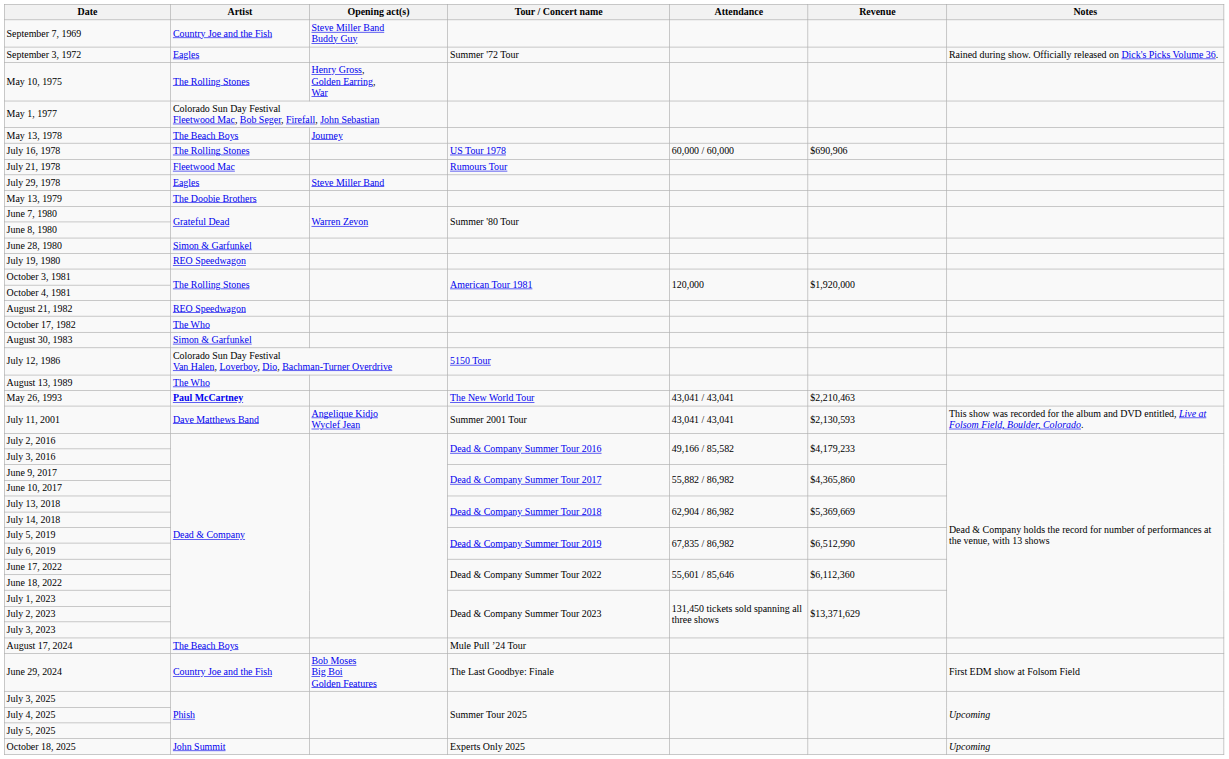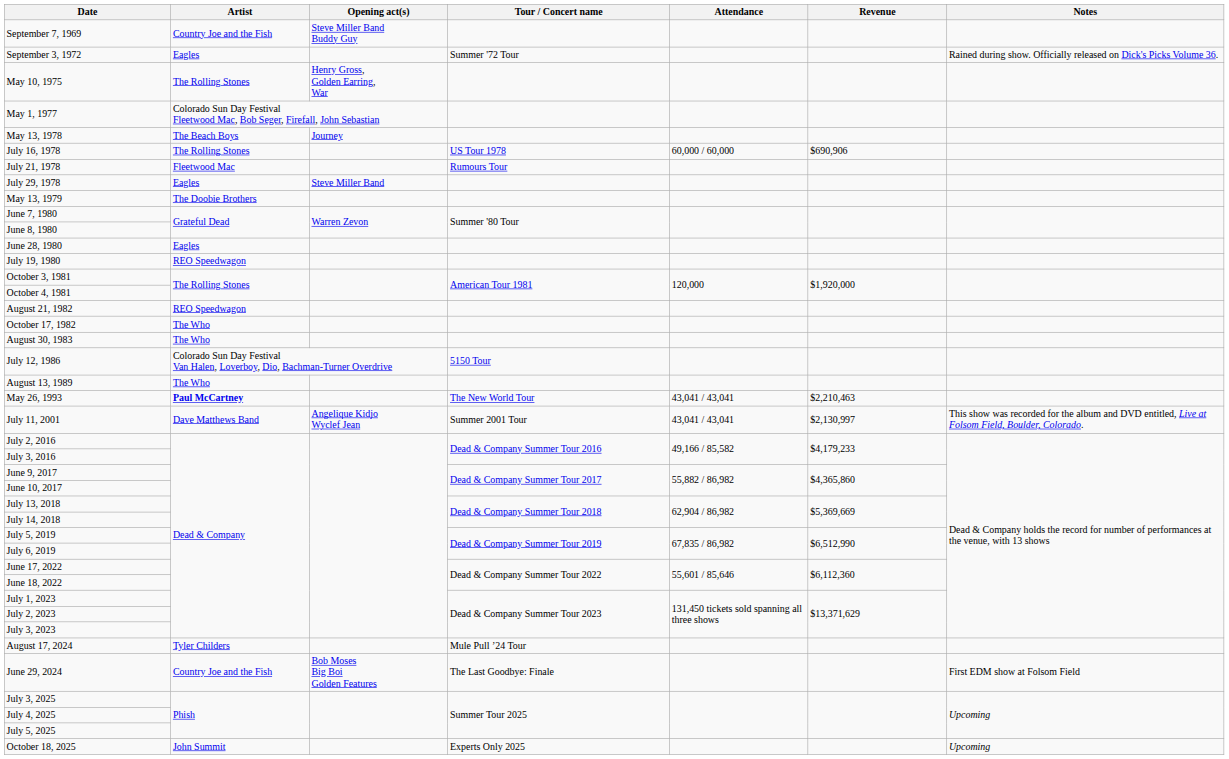 <table class="wikitable" style=font-size:100% style="text-align:center">
 <tr>
 <th width=12%>Date</th>
 <th width=10%>Artist</th>
 <th width=10%>Opening act(s)</th>
 <th width=16%>Tour / Concert name</th>
 <th width=10%>Attendance</th>
 <th width=10%>Revenue</th>
 <th width=20%>Notes</th>
 </tr>
 <tr>
 <td>September 7, 1969</td>
 <td><a href='#'>Country Joe and the Fish</a></td>
 <td><a href='#'>Steve Miller Band</a><br><a href='#'>Buddy Guy</a></td>
 <td></td>
 <td></td>
 <td></td>
 <td></td>
 </tr>
 <tr>
 <td>September 3, 1972</td>
 <td><a href='#'>Eagles</a></td>
 <td></td>
 <td>Summer '72 Tour</td>
 <td></td>
 <td></td>
 <td>Rained during show. Officially released on <a href='#'>Dick's Picks Volume 36</a>.</td>
 </tr>
 <tr>
 <td>May 10, 1975</td>
 <td><a href='#'>The Rolling Stones</a></td>
 <td><a href='#'>Henry Gross</a>,<br><a href='#'>Golden Earring</a>,<br><a href='#'>War</a></td>
 <td></td>
 <td></td>
 <td></td>
 <td></td>
 </tr>
 <tr>
 <td>May 1, 1977</td>
 <td colspan="2">Colorado Sun Day Festival<br><a href='#'>Fleetwood Mac</a>, <a href='#'>Bob Seger</a>, <a href='#'>Firefall</a>, <a href='#'>John Sebastian</a></td>
 <td></td>
 <td></td>
 <td></td>
 <td></td>
 </tr>
 <tr>
 <td>May 13, 1978</td>
 <td><a href='#'>The Beach Boys</a></td>
 <td><a href='#'>Journey</a></td>
 <td></td>
 <td></td>
 <td></td>
 <td></td>
 </tr>
 <tr>
 <td>July 16, 1978</td>
 <td><a href='#'>The Rolling Stones</a></td>
 <td></td>
 <td><a href='#'>US Tour 1978</a></td>
 <td>60,000 / 60,000</td>
 <td>$690,906</td>
 </tr>
 <tr>
 <td>July 21, 1978</td>
 <td><a href='#'>Fleetwood Mac</a></td>
 <td></td>
 <td><a href='#'>Rumours Tour</a></td>
 <td></td>
 <td></td>
 <td></td>
 </tr>
 <tr>
 <td>July 29, 1978</td>
 <td><a href='#'>Eagles</a></td>
 <td><a href='#'>Steve Miller Band</a></td>
 <td></td>
 <td></td>
 <td></td>
 <td></td>
 </tr>
 <tr>
 <td>May 13, 1979</td>
 <td><a href='#'>The Doobie Brothers</a></td>
 <td></td>
 <td></td>
 <td></td>
 <td></td>
 <td></td>
 </tr>
 <tr>
 <td>June 7, 1980</td>
 <td rowspan="2"><a href='#'>Grateful Dead</a></td>
 <td rowspan="2"><a href='#'>Warren Zevon</a></td>
 <td rowspan="2">Summer '80 Tour</td>
 <td rowspan="2"></td>
 <td rowspan="2"></td>
 </tr>
 <tr>
 <td>June 8, 1980</td>
 </tr>
 <tr>
 <td>June 28, 1980</td>
-<td><a href='#'>Simon & Garfunkel</a></td>
+<td><a href='#'>Eagles</a></td>
 <td></td>
 <td></td>
 <td></td>
 <td></td>
 <td></td>
 </tr>
 <tr>
 <td>July 19, 1980</td>
 <td><a href='#'>REO Speedwagon</a></td>
 <td></td>
 <td></td>
 <td></td>
 <td></td>
 <td></td>
 </tr>
 <tr>
 <td>October 3, 1981</td>
 <td rowspan="2"><a href='#'>The Rolling Stones</a></td>
 <td rowspan="2"></td>
 <td rowspan="2"><a href='#'>American Tour 1981</a></td>
 <td rowspan="2">120,000</td>
 <td rowspan="2">$1,920,000</td>
 </tr>
 <tr>
 <td>October 4, 1981</td>
 </tr>
 <tr>
 <td>August 21, 1982</td>
 <td><a href='#'>REO Speedwagon</a></td>
 <td></td>
 <td></td>
 <td></td>
 <td></td>
 <td></td>
 </tr>
 <tr>
 <td>October 17, 1982</td>
 <td><a href='#'>The Who</a></td>
 <td></td>
 <td></td>
 <td></td>
 <td></td>
 <td></td>
 </tr>
 <tr>
 <td>August 30, 1983</td>
-<td><a href='#'>Simon & Garfunkel</a></td>
+<td><a href='#'>The Who</a></td>
 <td></td>
 <td></td>
 <td></td>
 <td></td>
 <td></td>
 </tr>
 <tr>
 <td>July 12, 1986</td>
 <td colspan="2">Colorado Sun Day Festival<br><a href='#'>Van Halen</a>, <a href='#'>Loverboy</a>, <a href='#'>Dio</a>, <a href='#'>Bachman-Turner Overdrive</a></td>
 <td><a href='#'>5150 Tour</a></td>
 <td></td>
 <td></td>
 </tr>
 <tr>
 <td>August 13, 1989</td>
 <td><a href='#'>The Who</a></td>
 <td></td>
 <td></td>
 <td></td>
 <td></td>
 <td></td>
 </tr>
 <tr>
 <td>May 26, 1993</td>
 <td><strong><a href='#'>Paul McCartney</a></strong></td>
 <td></td>
 <td><a href='#'>The New World Tour</a></td>
 <td>43,041 / 43,041</td>
 <td>$2,210,463</td>
 <td></td>
 </tr>
 <tr>
 <td>July 11, 2001</td>
 <td><a href='#'>Dave Matthews Band</a></td>
 <td><a href='#'>Angelique Kidjo</a><br><a href='#'>Wyclef Jean</a></td>
 <td>Summer 2001 Tour</td>
 <td>43,041 / 43,041</td>
-<td>$2,130,593</td>
+<td>$2,130,997</td>
 <td>This show was recorded for the album and DVD entitled, <em><a href='#'>Live at Folsom Field, Boulder, Colorado</a></em>.</td>
 </tr>
 <tr>
 <td>July 2, 2016</td>
 <td rowspan="13"><a href='#'>Dead & Company</a></td>
 <td rowspan="13"></td>
 <td rowspan="2"><a href='#'>Dead & Company Summer Tour 2016</a></td>
 <td rowspan="2">49,166 / 85,582</td>
 <td rowspan="2">$4,179,233</td>
 <td rowspan="13">Dead & Company holds the record for number of performances at the venue, with 13 shows</td>
 </tr>
 <tr>
 <td>July 3, 2016</td>
 </tr>
 <tr>
 <td>June 9, 2017</td>
 <td rowspan="2"><a href='#'>Dead & Company Summer Tour 2017</a></td>
 <td rowspan="2">55,882 / 86,982</td>
 <td rowspan="2">$4,365,860</td>
 </tr>
 <tr>
 <td>June 10, 2017</td>
 </tr>
 <tr>
 <td>July 13, 2018</td>
 <td rowspan="2"><a href='#'>Dead & Company Summer Tour 2018</a></td>
 <td rowspan="2">62,904 / 86,982</td>
 <td rowspan="2">$5,369,669</td>
 </tr>
 <tr>
 <td>July 14, 2018</td>
 </tr>
 <tr>
 <td>July 5, 2019</td>
 <td rowspan="2"><a href='#'>Dead & Company Summer Tour 2019</a></td>
 <td rowspan="2">67,835 / 86,982</td>
 <td rowspan="2">$6,512,990</td>
 </tr>
 <tr>
 <td>July 6, 2019</td>
 </tr>
 <tr>
 <td>June 17, 2022</td>
 <td rowspan="2">Dead & Company Summer Tour 2022</td>
 <td rowspan="2">55,601 / 85,646</td>
 <td rowspan="2">$6,112,360</td>
 </tr>
 <tr>
 <td>June 18, 2022</td>
 </tr>
 <tr>
 <td>July 1, 2023</td>
 <td rowspan="3">Dead & Company Summer Tour 2023</td>
 <td rowspan="3">131,450 tickets sold  spanning all three shows</td>
 <td rowspan="3">$13,371,629</td>
 </tr>
 <tr>
 <td>July 2, 2023</td>
 </tr>
 <tr>
 <td>July 3, 2023</td>
 </tr>
 <tr>
 <td>August 17, 2024</td>
-<td><a href='#'>The Beach Boys</a></td>
+<td><a href='#'>Tyler Childers</a></td>
 <td></td>
 <td>Mule Pull ’24 Tour</td>
 <td></td>
 <td></td>
 <td></td>
 </tr>
 <tr>
 <td>June 29, 2024</td>
 <td><a href='#'>Country Joe and the Fish</a></td>
 <td><a href='#'>Bob Moses</a><br><a href='#'>Big Boi</a><br><a href='#'>Golden Features</a></td>
 <td>The Last Goodbye: Finale</td>
 <td></td>
 <td></td>
 <td>First EDM show at Folsom Field</td>
 </tr>
 <tr>
 <td>July 3, 2025</td>
 <td rowspan="3"><a href='#'>Phish</a></td>
 <td rowspan="3"></td>
 <td rowspan="3">Summer Tour 2025</td>
 <td rowspan="3"></td>
 <td rowspan="3"></td>
 <td rowspan="3"><em>Upcoming</em> </td>
 </tr>
 <tr>
 <td>July 4, 2025</td>
 </tr>
 <tr>
 <td>July 5, 2025</td>
 </tr>
 <tr>
 <td>October 18, 2025</td>
 <td><a href='#'>John Summit</a></td>
 <td></td>
 <td>Experts Only 2025</td>
 <td></td>
 <td></td>
 <td><em>Upcoming</em></td>
 </tr>
 </table>
